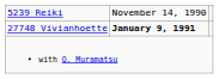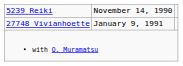 <table class="wikitable floatright" style="font-size: 0.9em;">
 <tr>
 <td><a href='#'>5239 Reiki</a></td>
 <td>November 14, 1990</td>
 <td></td>
 </tr>
 <tr>
 <td><a href='#'>27748 Vivianhoette</a></td>
-<td><strong>January 9, 1991</strong></td>
+<td>January 9, 1991</td>
 <td></td>
 </tr>
 <tr>
 <td colspan=3 style="font-size: smaller;"><br><ul><li> with <a href='#'>O. Muramatsu</a></li></ul></td>
 </tr>
 </table>
